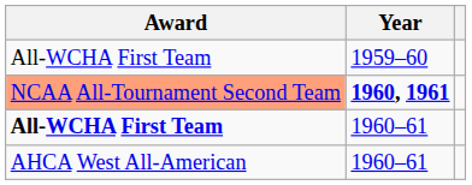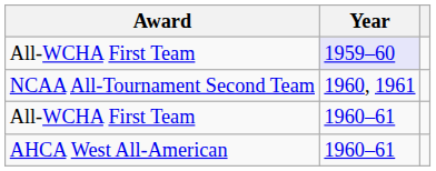 <table class="wikitable">
 <tr>
 <th>Award</th>
 <th>Year</th>
 <th></th>
 </tr>
 <tr>
 <td>All-<a href='#'>WCHA</a> <a href='#'>First Team</a></td>
-<td><a href='#'>1959–60</a></td>
+<td style="background: lavender;"><a href='#'>1959–60</a></td>
 <td></td>
 </tr>
 <tr>
-<td style="background: lightsalmon;"><a href='#'>NCAA</a> <a href='#'>All-Tournament Second Team</a></td>
-<td><strong><a href='#'>1960</a>, <a href='#'>1961</a></strong></td>
+<td><a href='#'>NCAA</a> <a href='#'>All-Tournament Second Team</a></td>
+<td><a href='#'>1960</a>, <a href='#'>1961</a></td>
 <td></td>
 </tr>
 <tr>
-<td><strong>All-<a href='#'>WCHA</a> <a href='#'>First Team</a></strong></td>
+<td>All-<a href='#'>WCHA</a> <a href='#'>First Team</a></td>
 <td><a href='#'>1960–61</a></td>
 <td></td>
 </tr>
 <tr>
 <td><a href='#'>AHCA</a> <a href='#'>West All-American</a></td>
 <td><a href='#'>1960–61</a></td>
 <td></td>
 </tr>
 </table>
